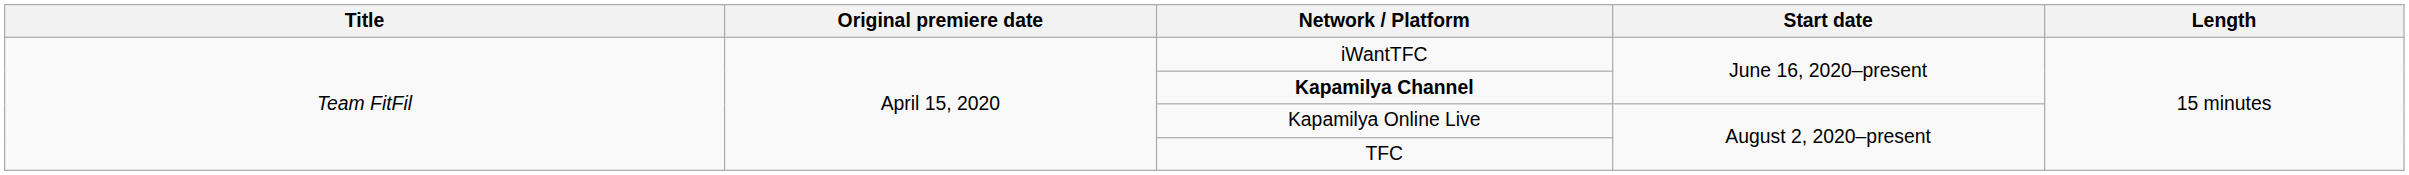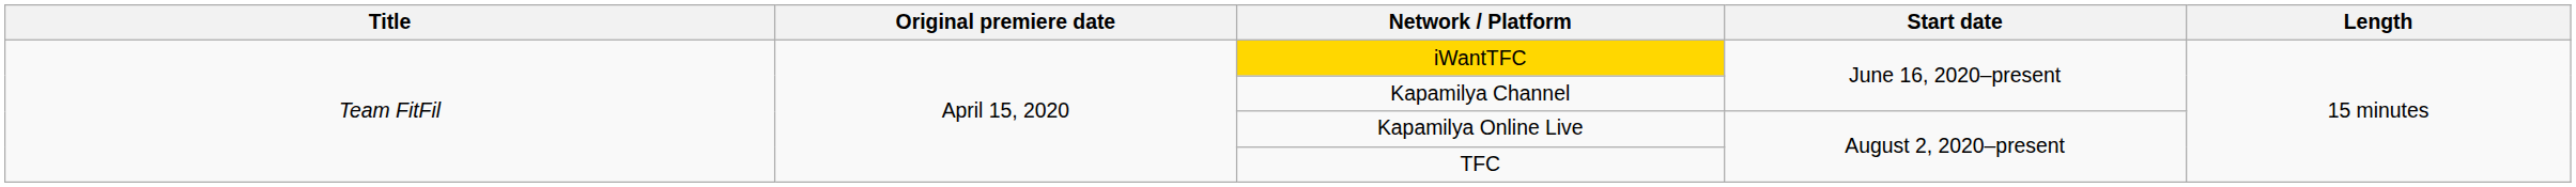 <table class="wikitable sortable" style="text-align:center; font-size:100%; line-height:20px;" width="100%">
 <tr>
 <th style="width:30%;">Title</th>
 <th style="width:18%;">Original premiere date</th>
 <th style="width:19%;">Network / Platform</th>
 <th style="width:18%;">Start date</th>
 <th style="width:15%;">Length</th>
 </tr>
 <tr>
 <td rowspan="4"><em>Team FitFil</em></td>
 <td rowspan="4">April 15, 2020</td>
-<td>iWantTFC</td>
+<td style="background: gold;">iWantTFC</td>
 <td rowspan="2">June 16, 2020–present</td>
 <td rowspan="4">15 minutes</td>
 </tr>
 <tr>
-<td><strong>Kapamilya Channel</strong></td>
+<td>Kapamilya Channel</td>
 </tr>
 <tr>
 <td>Kapamilya Online Live</td>
 <td rowspan="2">August 2, 2020–present</td>
 </tr>
 <tr>
 <td>TFC</td>
 </tr>
 </table>
